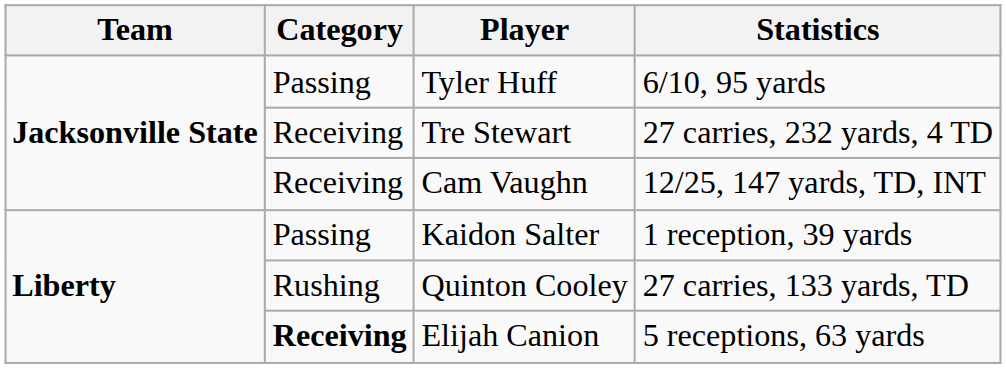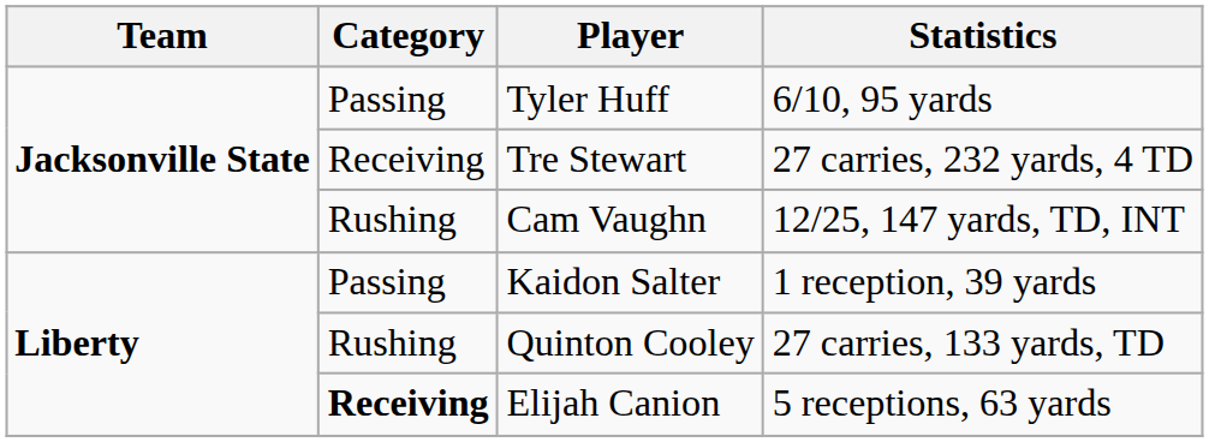 <table class="wikitable" style="float: right;">
 <tr>
 <th>Team</th>
 <th>Category</th>
 <th>Player</th>
 <th>Statistics</th>
 </tr>
 <tr>
 <td rowspan=3><strong>Jacksonville State</strong></td>
 <td>Passing</td>
 <td>Tyler Huff</td>
 <td>6/10, 95 yards</td>
 </tr>
 <tr>
 <td>Receiving</td>
 <td>Tre Stewart</td>
 <td>27 carries, 232 yards, 4 TD</td>
 </tr>
 <tr>
-<td>Receiving</td>
+<td>Rushing</td>
 <td>Cam Vaughn</td>
 <td>12/25, 147 yards, TD, INT</td>
 </tr>
 <tr>
 <td rowspan=3><strong>Liberty</strong></td>
 <td>Passing</td>
 <td>Kaidon Salter</td>
 <td>1 reception, 39 yards</td>
 </tr>
 <tr>
 <td>Rushing</td>
 <td>Quinton Cooley</td>
 <td>27 carries, 133 yards, TD</td>
 </tr>
 <tr>
 <td><strong>Receiving</strong></td>
 <td>Elijah Canion</td>
 <td>5 receptions, 63 yards</td>
 </tr>
 </table>
